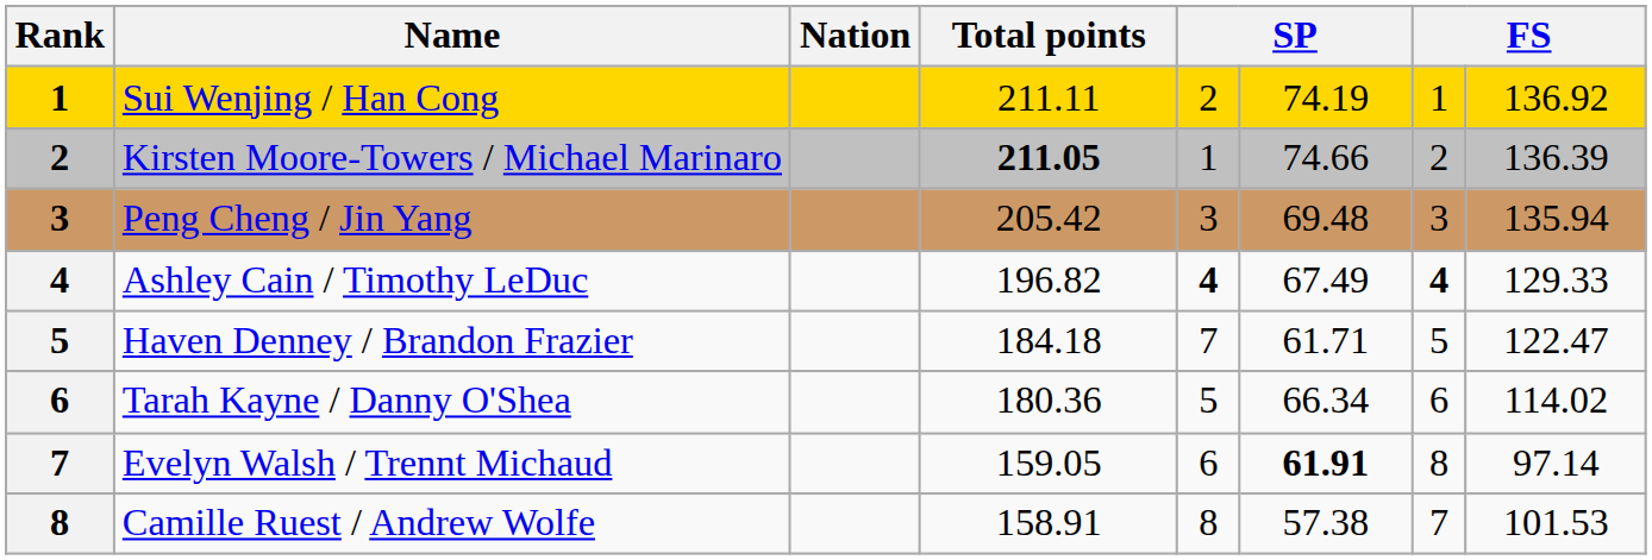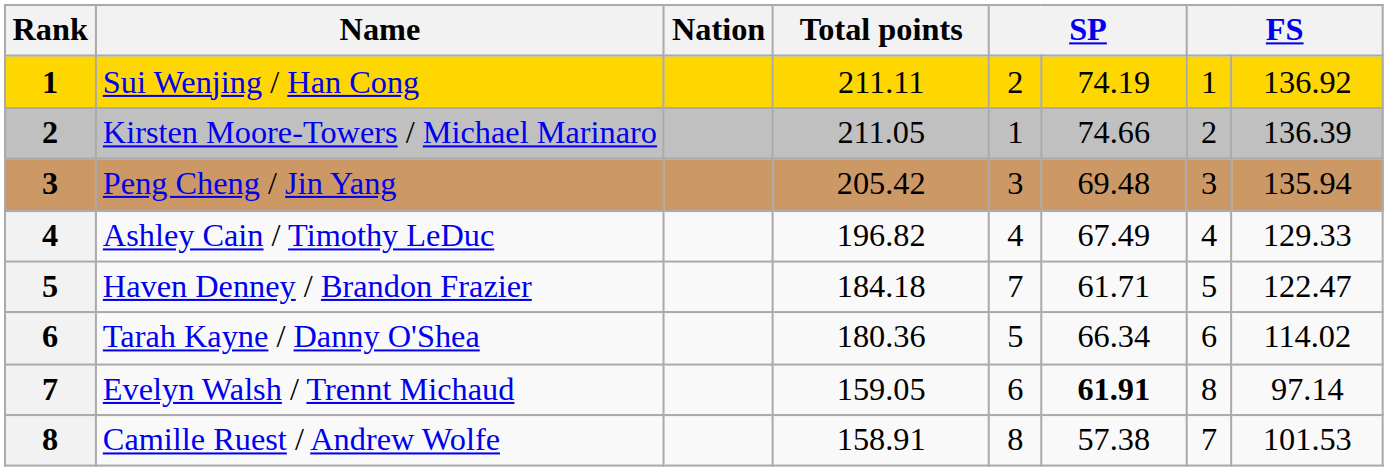 <table class="wikitable sortable">
 <tr>
 <th>Rank</th>
 <th>Name</th>
 <th>Nation</th>
 <th width="100px">Total points</th>
 <th colspan="2" width="90px"><a href='#'>SP</a></th>
 <th colspan="2" width="90px"><a href='#'>FS</a></th>
 </tr>
 <tr bgcolor="gold">
 <td align="center" bgcolor="gold"><strong>1</strong></td>
 <td><a href='#'>Sui Wenjing</a> / <a href='#'>Han Cong</a></td>
 <td></td>
 <td align=center>211.11</td>
 <td align=center>2</td>
 <td align=center>74.19</td>
 <td align=center>1</td>
 <td align=center>136.92</td>
 </tr>
 <tr bgcolor="silver">
 <td align="center" bgcolor="silver"><strong>2</strong></td>
 <td><a href='#'>Kirsten Moore-Towers</a> / <a href='#'>Michael Marinaro</a></td>
 <td></td>
-<td align="center"><strong>211.05</strong></td>
+<td align="center">211.05</td>
 <td align="center">1</td>
 <td align="center">74.66</td>
 <td align="center">2</td>
 <td align="center">136.39</td>
 </tr>
 <tr bgcolor="#cc9966">
 <td align="center" bgcolor="#cc9966"><strong>3</strong></td>
 <td><a href='#'>Peng Cheng</a> / <a href='#'>Jin Yang</a></td>
 <td></td>
 <td align="center">205.42</td>
 <td align="center">3</td>
 <td align="center">69.48</td>
 <td align="center">3</td>
 <td align="center">135.94</td>
 </tr>
 <tr>
 <th>4</th>
 <td><a href='#'>Ashley Cain</a> / <a href='#'>Timothy LeDuc</a></td>
 <td></td>
 <td align="center">196.82</td>
-<td align="center"><strong>4</strong></td>
+<td align="center">4</td>
 <td align="center">67.49</td>
-<td align="center"><strong>4</strong></td>
+<td align="center">4</td>
 <td align="center">129.33</td>
 </tr>
 <tr>
 <th>5</th>
 <td><a href='#'>Haven Denney</a> / <a href='#'>Brandon Frazier</a></td>
 <td></td>
 <td align="center">184.18</td>
 <td align="center">7</td>
 <td align="center">61.71</td>
 <td align="center">5</td>
 <td align="center">122.47</td>
 </tr>
 <tr>
 <th>6</th>
 <td><a href='#'>Tarah Kayne</a> / <a href='#'>Danny O'Shea</a></td>
 <td></td>
 <td align="center">180.36</td>
 <td align="center">5</td>
 <td align="center">66.34</td>
 <td align="center">6</td>
 <td align="center">114.02</td>
 </tr>
 <tr>
 <th>7</th>
 <td><a href='#'>Evelyn Walsh</a> / <a href='#'>Trennt Michaud</a></td>
 <td></td>
 <td align="center">159.05</td>
 <td align="center">6</td>
 <td align="center"><strong>61.91</strong></td>
 <td align="center">8</td>
 <td align="center">97.14</td>
 </tr>
 <tr>
 <th>8</th>
 <td><a href='#'>Camille Ruest</a> / <a href='#'>Andrew Wolfe</a></td>
 <td></td>
 <td align="center">158.91</td>
 <td align="center">8</td>
 <td align="center">57.38</td>
 <td align="center">7</td>
 <td align="center">101.53</td>
 </tr>
 </table>
